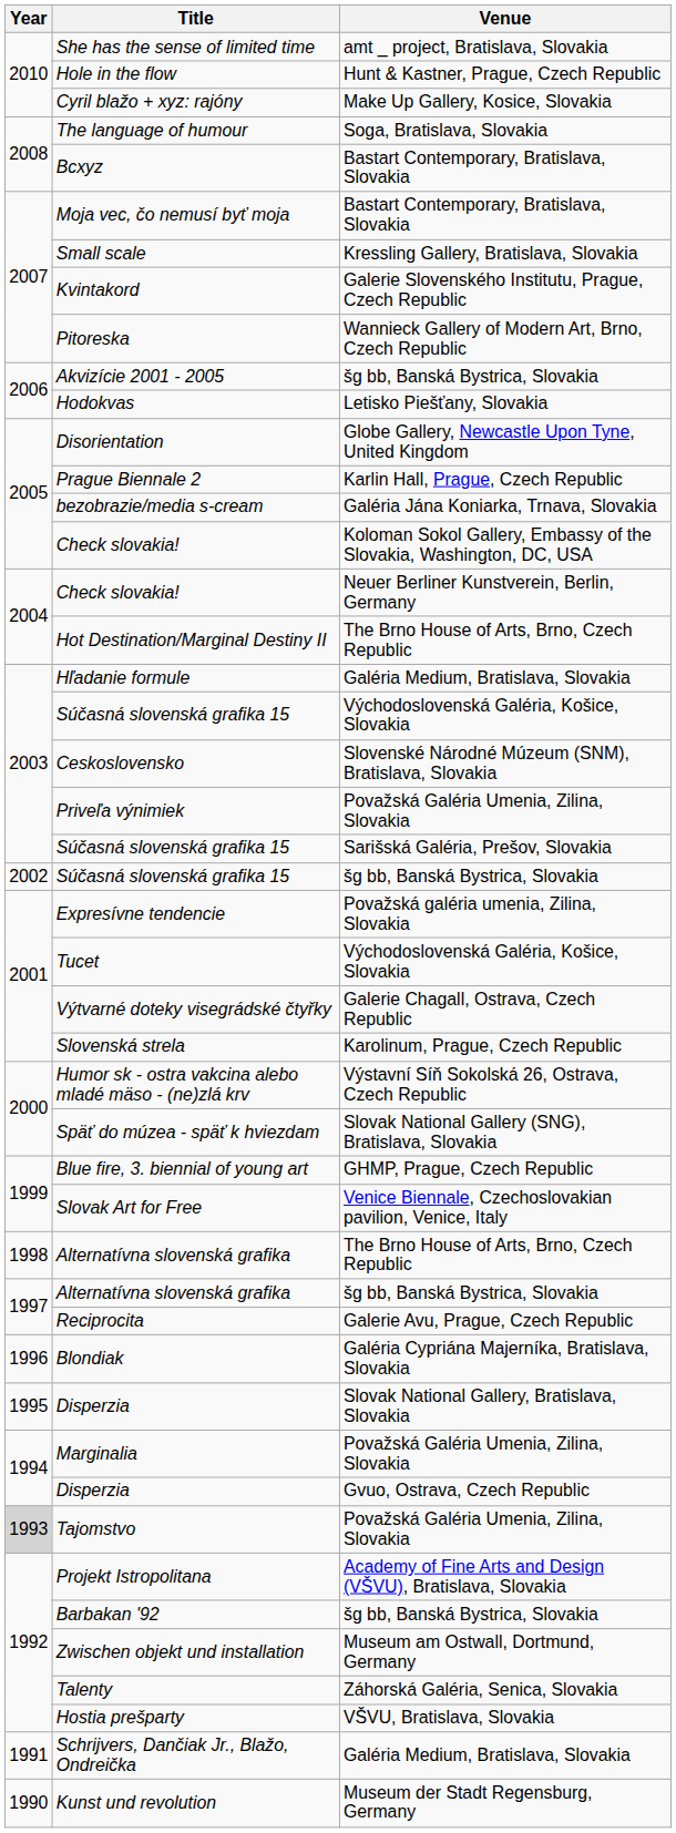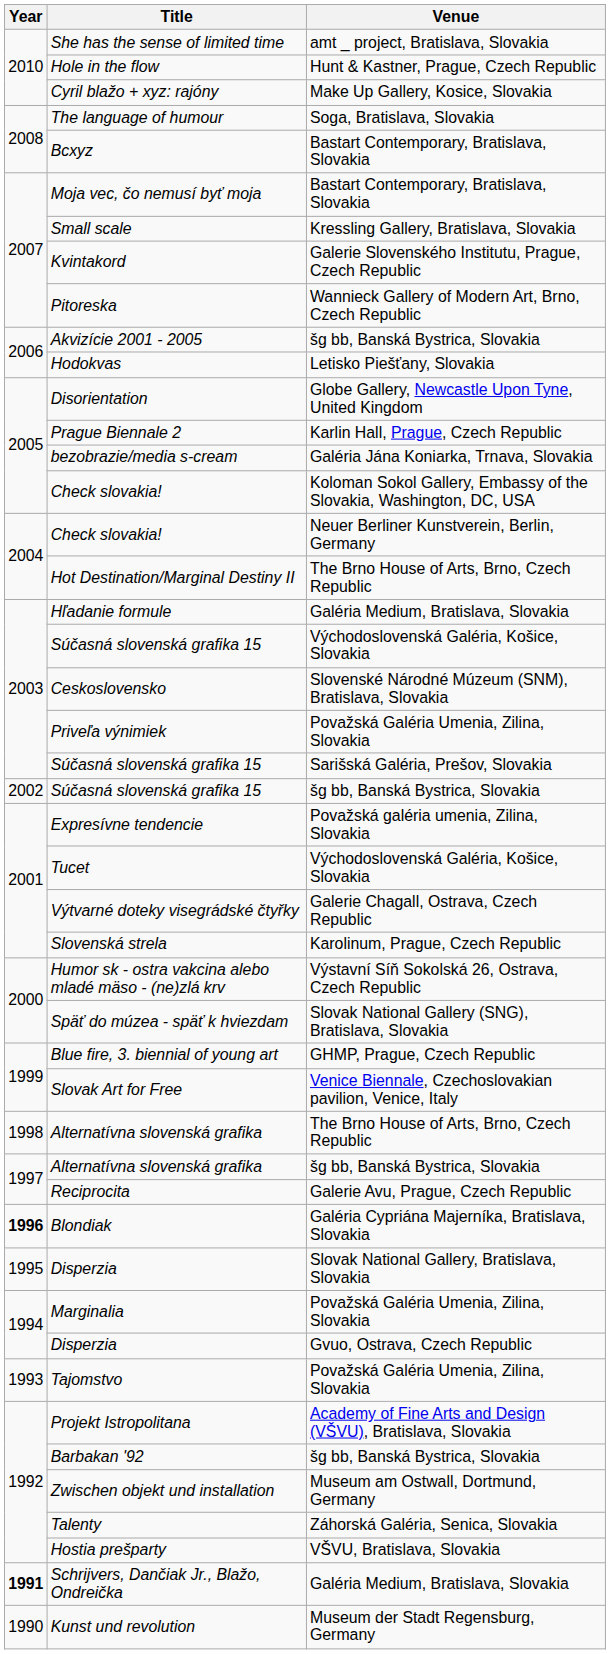 <table class="wikitable">
 <tr>
 <th>Year</th>
 <th>Title</th>
 <th>Venue</th>
 </tr>
 <tr>
 <td rowspan="3">2010</td>
 <td><em>She has the sense of limited time</em></td>
 <td>amt _ project, Bratislava, Slovakia</td>
 </tr>
 <tr>
 <td><em>Hole in the flow</em></td>
 <td>Hunt & Kastner, Prague, Czech Republic</td>
 </tr>
 <tr>
 <td><em>Cyril blažo + xyz: rajóny</em></td>
 <td>Make Up Gallery, Kosice, Slovakia<br></td>
 </tr>
 <tr>
 <td rowspan = "2">2008</td>
 <td><em>The language of humour</em></td>
 <td>Soga, Bratislava, Slovakia</td>
 </tr>
 <tr>
 <td><em>Bcxyz</em></td>
 <td>Bastart Contemporary, Bratislava, Slovakia</td>
 </tr>
 <tr>
 <td rowspan="4">2007</td>
 <td><em>Moja vec, čo nemusí byť moja</em></td>
 <td>Bastart Contemporary, Bratislava, Slovakia</td>
 </tr>
 <tr>
 <td><em>Small scale</em></td>
 <td>Kressling Gallery, Bratislava, Slovakia</td>
 </tr>
 <tr>
 <td><em>Kvintakord</em></td>
 <td>Galerie Slovenského Institutu, Prague, Czech Republic</td>
 </tr>
 <tr>
 <td><em>Pitoreska</em></td>
 <td>Wannieck Gallery of Modern Art, Brno, Czech Republic</td>
 </tr>
 <tr>
 <td rowspan = "2">2006</td>
 <td><em>Akvizície 2001 - 2005</em></td>
 <td>šg bb, Banská Bystrica, Slovakia</td>
 </tr>
 <tr>
 <td><em>Hodokvas</em></td>
 <td>Letisko Piešťany, Slovakia</td>
 </tr>
 <tr>
 <td rowspan="4">2005</td>
 <td><em>Disorientation</em></td>
 <td>Globe Gallery, <a href='#'>Newcastle Upon Tyne</a>, United Kingdom</td>
 </tr>
 <tr>
 <td><em>Prague Biennale 2</em></td>
 <td>Karlin Hall, <a href='#'>Prague</a>, Czech Republic</td>
 </tr>
 <tr>
 <td><em>bezobrazie/media s-cream</em></td>
 <td>Galéria Jána Koniarka, Trnava, Slovakia</td>
 </tr>
 <tr>
 <td><em>Check slovakia!</em></td>
 <td>Koloman Sokol Gallery, Embassy of the Slovakia, Washington, DC, USA</td>
 </tr>
 <tr>
 <td rowspan="2">2004</td>
 <td><em>Check slovakia!</em></td>
 <td>Neuer Berliner Kunstverein, Berlin, Germany</td>
 </tr>
 <tr>
 <td><em>Hot Destination/Marginal Destiny II</em></td>
 <td>The Brno House of Arts, Brno, Czech Republic</td>
 </tr>
 <tr>
 <td rowspan="5">2003</td>
 <td><em>Hľadanie formule</em></td>
 <td>Galéria Medium, Bratislava, Slovakia</td>
 </tr>
 <tr>
 <td><em>Súčasná slovenská grafika 15</em></td>
 <td>Východoslovenská Galéria, Košice, Slovakia</td>
 </tr>
 <tr>
 <td><em>Ceskoslovensko</em></td>
 <td>Slovenské Národné Múzeum (SNM), Bratislava, Slovakia</td>
 </tr>
 <tr>
 <td><em>Priveľa výnimiek</em></td>
 <td>Považská Galéria Umenia, Zilina, Slovakia</td>
 </tr>
 <tr>
 <td><em>Súčasná slovenská grafika 15</em></td>
 <td>Sarišská Galéria, Prešov, Slovakia</td>
 </tr>
 <tr>
 <td>2002</td>
 <td><em>Súčasná slovenská grafika 15</em></td>
 <td>šg bb, Banská Bystrica, Slovakia</td>
 </tr>
 <tr>
 <td rowspan = "4">2001</td>
 <td><em>Expresívne tendencie</em></td>
 <td>Považská galéria umenia, Zilina, Slovakia</td>
 </tr>
 <tr>
 <td><em>Tucet</em></td>
 <td>Východoslovenská Galéria, Košice, Slovakia</td>
 </tr>
 <tr>
 <td><em>Výtvarné doteky visegrádské čtyřky</em></td>
 <td>Galerie Chagall, Ostrava, Czech Republic</td>
 </tr>
 <tr>
 <td><em>Slovenská strela</em></td>
 <td>Karolinum, Prague, Czech Republic</td>
 </tr>
 <tr>
 <td rowspan="2">2000</td>
 <td><em>Humor sk - ostra vakcina alebo mladé mäso - (ne)zlá krv</em></td>
 <td>Výstavní Síň Sokolská 26, Ostrava, Czech Republic</td>
 </tr>
 <tr>
 <td><em>Späť do múzea - späť k hviezdam</em></td>
 <td>Slovak National Gallery (SNG), Bratislava, Slovakia</td>
 </tr>
 <tr>
 <td rowspan="2">1999</td>
 <td><em>Blue fire, 3. biennial of young art</em></td>
 <td>GHMP, Prague, Czech Republic</td>
 </tr>
 <tr>
 <td><em>Slovak Art for Free</em></td>
 <td><a href='#'>Venice Biennale</a>, Czechoslovakian pavilion, Venice, Italy</td>
 </tr>
 <tr>
 <td>1998</td>
 <td><em>Alternatívna slovenská grafika</em></td>
 <td>The Brno House of Arts, Brno, Czech Republic</td>
 </tr>
 <tr>
 <td rowspan = "2">1997</td>
 <td><em>Alternatívna slovenská grafika</em></td>
 <td>šg bb, Banská Bystrica, Slovakia</td>
 </tr>
 <tr>
 <td><em>Reciprocita</em></td>
 <td>Galerie Avu, Prague, Czech Republic</td>
 </tr>
 <tr>
-<td>1996</td>
+<td><strong>1996</strong></td>
 <td><em>Blondiak</em></td>
 <td>Galéria Cypriána Majerníka, Bratislava, Slovakia</td>
 </tr>
 <tr>
 <td>1995</td>
 <td><em>Disperzia</em></td>
 <td>Slovak National Gallery, Bratislava, Slovakia</td>
 </tr>
 <tr>
 <td rowspan="2">1994</td>
 <td><em>Marginalia</em></td>
 <td>Považská Galéria Umenia, Zilina, Slovakia</td>
 </tr>
 <tr>
 <td><em>Disperzia</em></td>
 <td>Gvuo, Ostrava, Czech Republic</td>
 </tr>
 <tr>
-<td style="background: lightgrey;">1993</td>
+<td>1993</td>
 <td><em>Tajomstvo</em></td>
 <td>Považská Galéria Umenia, Zilina, Slovakia</td>
 </tr>
 <tr>
 <td rowspan="5">1992</td>
 <td><em>Projekt Istropolitana</em></td>
 <td><a href='#'>Academy of Fine Arts and Design (VŠVU)</a>, Bratislava, Slovakia</td>
 </tr>
 <tr>
 <td><em>Barbakan '92</em></td>
 <td>šg bb, Banská Bystrica, Slovakia</td>
 </tr>
 <tr>
 <td><em>Zwischen objekt und installation</em></td>
 <td>Museum am Ostwall, Dortmund, Germany</td>
 </tr>
 <tr>
 <td><em>Talenty</em></td>
 <td>Záhorská Galéria, Senica, Slovakia</td>
 </tr>
 <tr>
 <td><em>Hostia prešparty</em></td>
 <td>VŠVU, Bratislava, Slovakia</td>
 </tr>
 <tr>
-<td>1991</td>
+<td><strong>1991</strong></td>
 <td><em>Schrijvers, Dančiak Jr., Blažo, Ondreička</em></td>
 <td>Galéria Medium, Bratislava, Slovakia</td>
 </tr>
 <tr>
 <td>1990</td>
 <td><em>Kunst und revolution</em></td>
 <td>Museum der Stadt Regensburg, Germany</td>
 </tr>
 </table>
